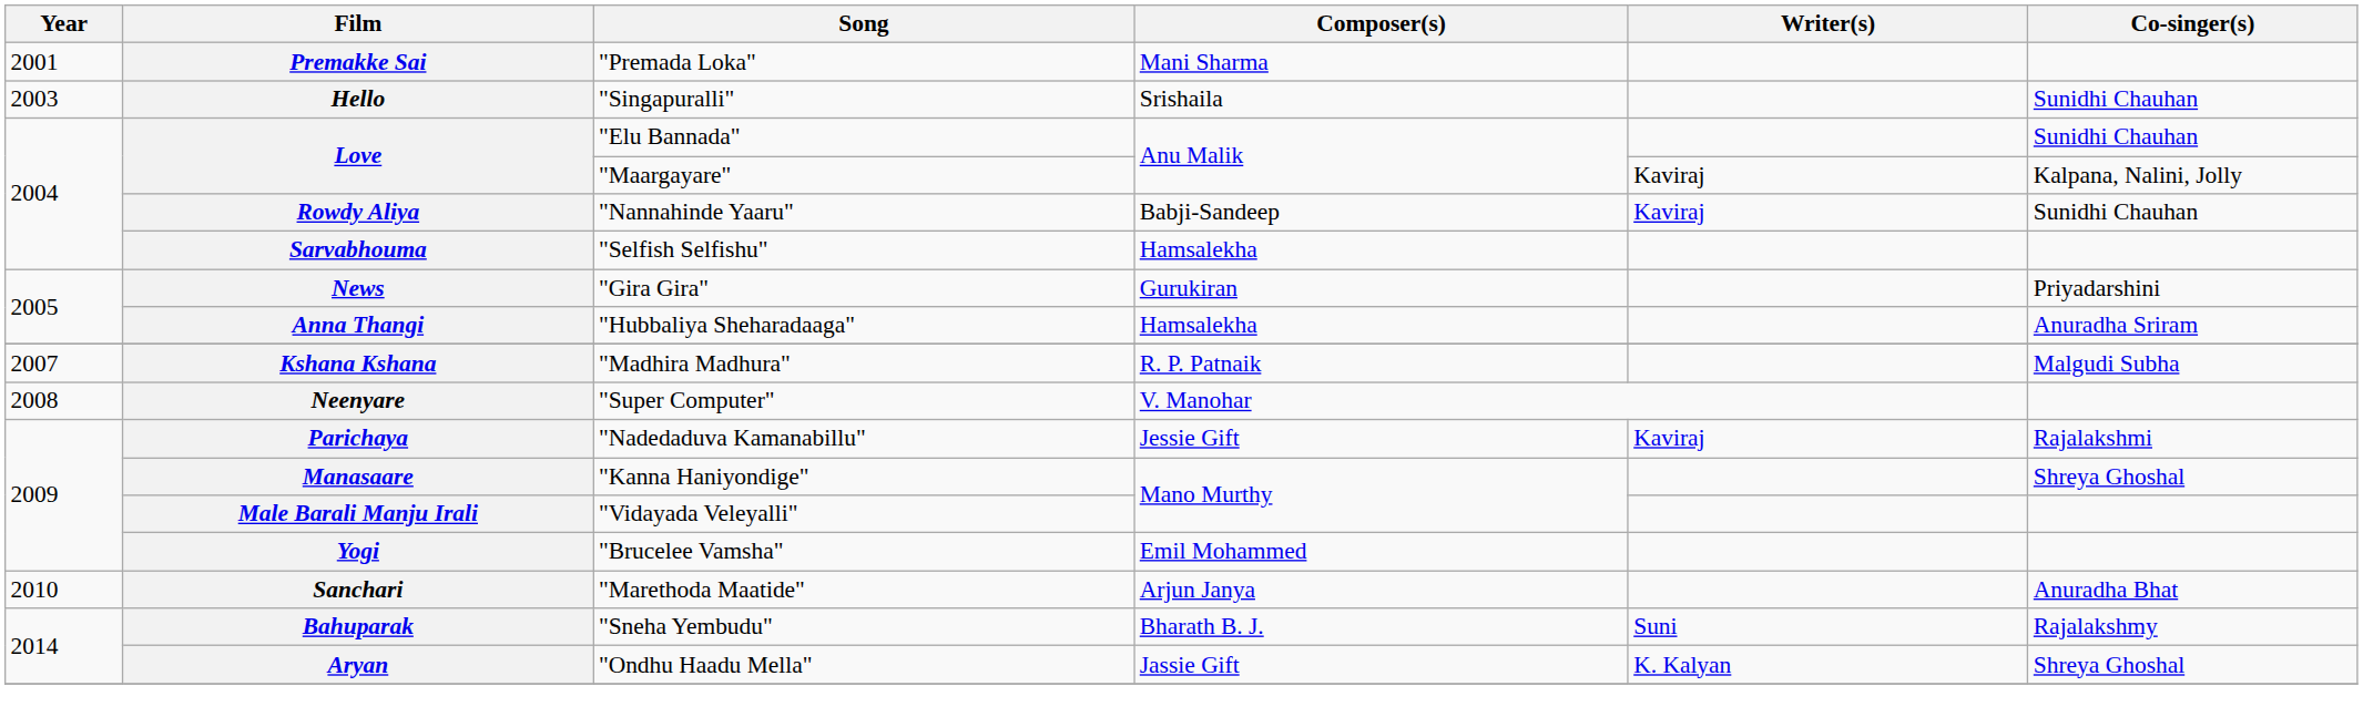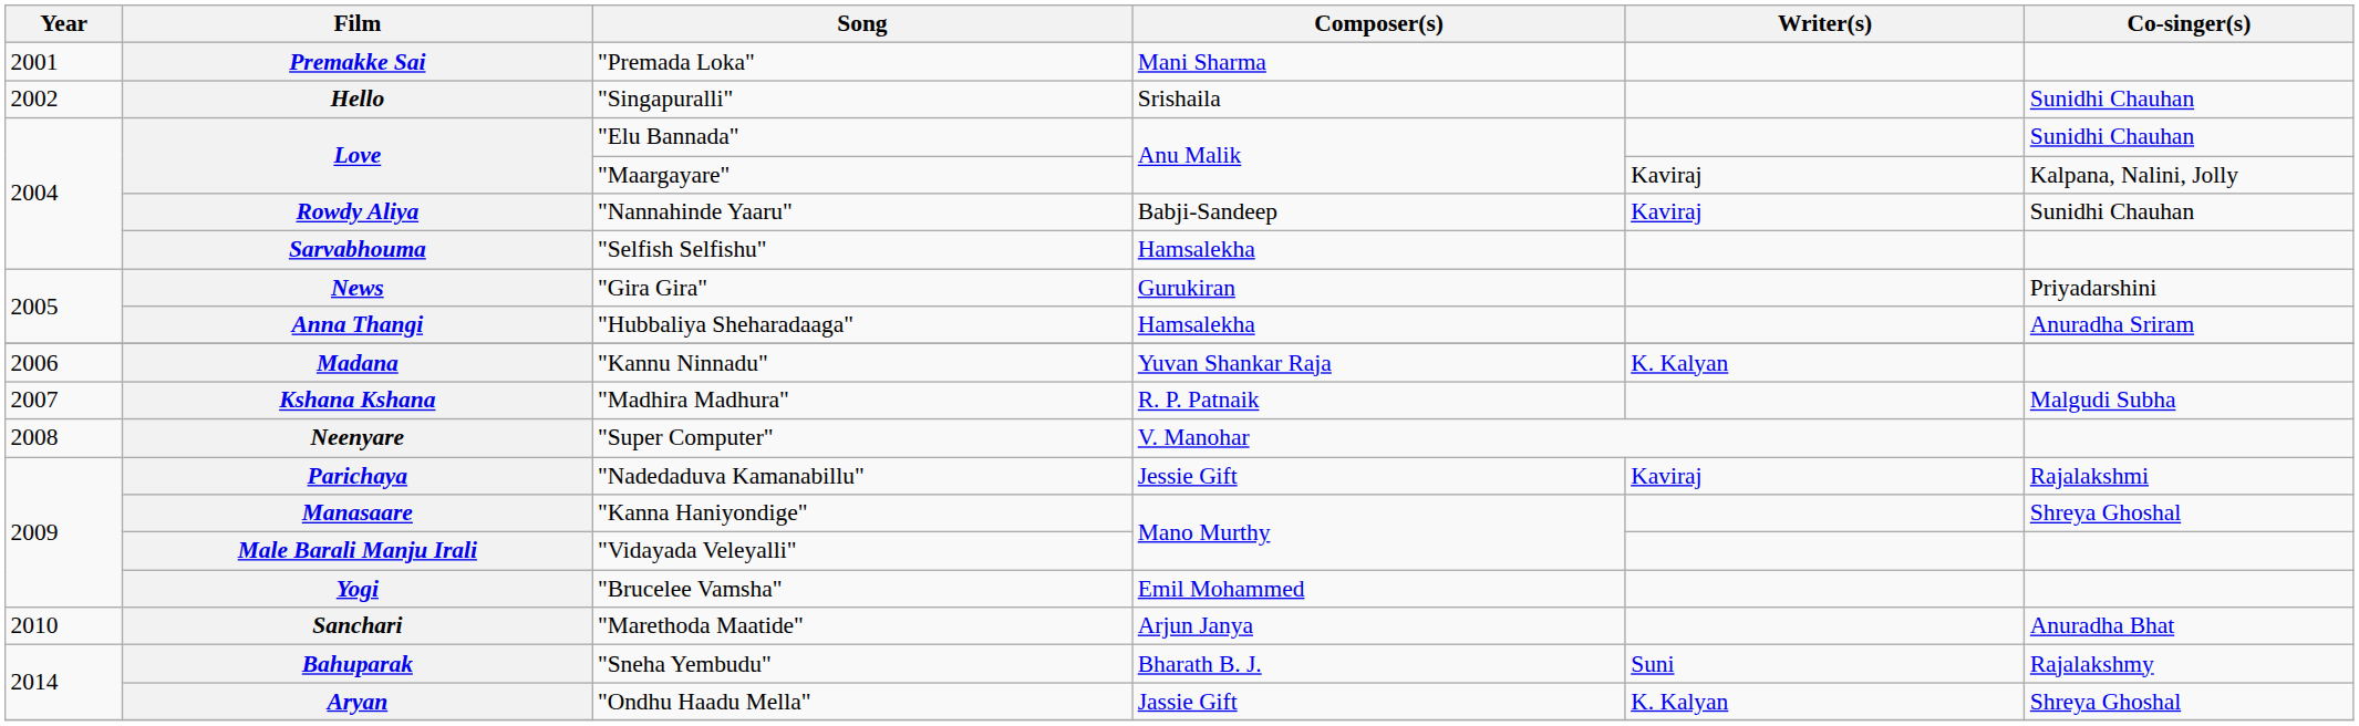 <table class="wikitable plainrowheaders" width="100%" textcolor:#000;">
 <tr>
 <th scope="col" width=5%><strong>Year</strong></th>
 <th scope="col" width=20%><strong>Film</strong></th>
 <th scope="col" width=23%><strong>Song</strong></th>
 <th scope="col" width=21%><strong>Composer(s)</strong></th>
 <th scope="col" width=17%><strong>Writer(s)</strong></th>
 <th scope="col" width=18%><strong>Co-singer(s)</strong></th>
 </tr>
 <tr>
 <td>2001</td>
 <th><em><a href='#'>Premakke Sai</a></em></th>
 <td>"Premada Loka"</td>
 <td><a href='#'>Mani Sharma</a></td>
 <td></td>
 <td></td>
 </tr>
 <tr>
-<td>2003</td>
+<td>2002</td>
 <th><em>Hello</em></th>
 <td>"Singapuralli"</td>
 <td>Srishaila</td>
 <td></td>
 <td><a href='#'>Sunidhi Chauhan</a></td>
 </tr>
 <tr>
 <td rowspan="4">2004</td>
 <th rowspan="2"><a href='#'><em>Love</em></a></th>
 <td>"Elu Bannada"</td>
 <td rowspan="2"><a href='#'>Anu Malik</a></td>
 <td></td>
 <td><a href='#'>Sunidhi Chauhan</a></td>
 </tr>
 <tr>
 <td>"Maargayare"</td>
 <td>Kaviraj</td>
 <td>Kalpana, Nalini, Jolly</td>
 </tr>
 <tr>
 <th><em><a href='#'>Rowdy Aliya</a></em></th>
 <td>"Nannahinde Yaaru"</td>
 <td>Babji-Sandeep</td>
 <td><a href='#'>Kaviraj</a></td>
 <td>Sunidhi Chauhan</td>
 </tr>
 <tr>
 <th><em><a href='#'>Sarvabhouma</a></em></th>
 <td>"Selfish Selfishu"</td>
 <td><a href='#'>Hamsalekha</a></td>
 <td></td>
 </tr>
 <tr>
 <td rowspan="2">2005</td>
 <th><em><a href='#'>News</a></em></th>
 <td>"Gira Gira"</td>
 <td><a href='#'>Gurukiran</a></td>
 <td></td>
 <td>Priyadarshini</td>
 </tr>
 <tr>
 <th><em><a href='#'>Anna Thangi</a></em></th>
 <td>"Hubbaliya Sheharadaaga"</td>
 <td><a href='#'>Hamsalekha</a></td>
 <td></td>
 <td><a href='#'>Anuradha Sriram</a></td>
 </tr>
 <tr>
+</tr>
+<tr>
+<td>2006</td>
+<th><em><a href='#'>Madana</a></em></th>
+<td>"Kannu Ninnadu"</td>
+<td><a href='#'>Yuvan Shankar Raja</a></td>
+<td><a href='#'>K. Kalyan</a></td>
+<td></td>
 </tr>
 <tr>
 <td>2007</td>
 <th><em><a href='#'>Kshana Kshana</a></em></th>
 <td>"Madhira Madhura"</td>
 <td><a href='#'>R. P. Patnaik</a></td>
 <td></td>
 <td><a href='#'>Malgudi Subha</a></td>
 </tr>
 <tr>
 <td>2008</td>
 <th><em>Neenyare</em></th>
 <td>"Super Computer"</td>
 <td colspan="2"><a href='#'>V. Manohar</a></td>
 <td></td>
 </tr>
 <tr>
 <td rowspan="4">2009</td>
 <th><em><a href='#'>Parichaya</a></em></th>
 <td>"Nadedaduva Kamanabillu"</td>
 <td><a href='#'>Jessie Gift</a></td>
 <td><a href='#'>Kaviraj</a></td>
 <td><a href='#'>Rajalakshmi</a></td>
 </tr>
 <tr>
 <th><em><a href='#'>Manasaare</a></em></th>
 <td>"Kanna Haniyondige"</td>
 <td rowspan="2"><a href='#'>Mano Murthy</a></td>
 <td></td>
 <td><a href='#'>Shreya Ghoshal</a></td>
 </tr>
 <tr>
 <th><em><a href='#'>Male Barali Manju Irali</a></em></th>
 <td>"Vidayada Veleyalli"</td>
 <td></td>
 <td></td>
 </tr>
 <tr>
 <th><em><a href='#'>Yogi</a></em></th>
 <td>"Brucelee Vamsha"</td>
 <td><a href='#'>Emil Mohammed</a></td>
 <td></td>
 <td></td>
 </tr>
 <tr>
 <td>2010</td>
 <th><em>Sanchari</em></th>
 <td>"Marethoda Maatide"</td>
 <td><a href='#'>Arjun Janya</a></td>
 <td></td>
 <td><a href='#'>Anuradha Bhat</a></td>
 </tr>
 <tr>
 <td rowspan="2">2014</td>
 <th><em><a href='#'>Bahuparak</a></em></th>
 <td>"Sneha Yembudu"</td>
 <td><a href='#'>Bharath B. J.</a></td>
 <td><a href='#'>Suni</a></td>
 <td><a href='#'>Rajalakshmy</a></td>
 </tr>
 <tr>
 <th><em><a href='#'>Aryan</a></em></th>
 <td>"Ondhu Haadu Mella"</td>
 <td><a href='#'>Jassie Gift</a></td>
 <td><a href='#'>K. Kalyan</a></td>
 <td><a href='#'>Shreya Ghoshal</a></td>
 </tr>
 <tr>
 </tr>
 </table>
